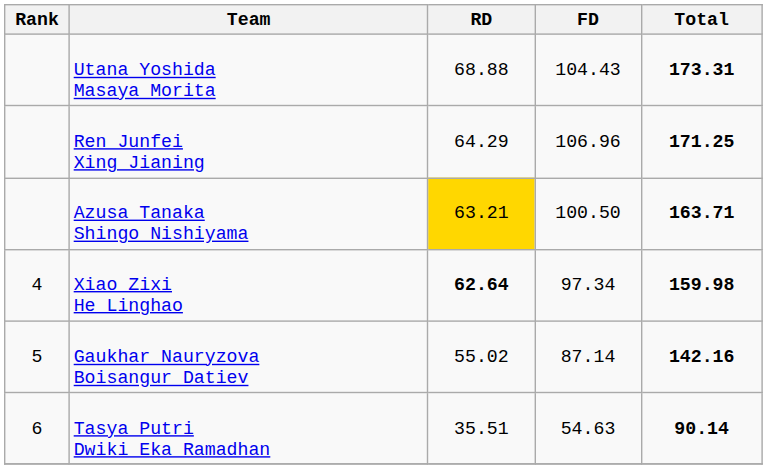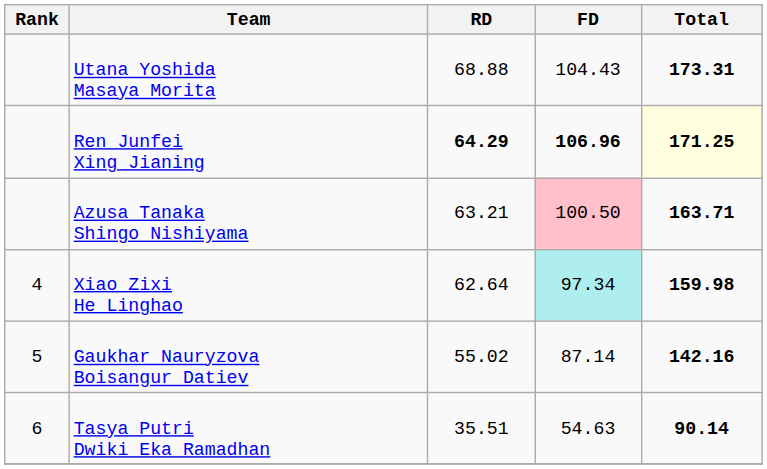 <table class=wikitable style="text-align:center">
 <tr>
 <th width=40>Rank</th>
 <th width=250>Team</th>
 <th width=70>RD</th>
 <th width=70>FD</th>
 <th width=80>Total</th>
 </tr>
 <tr>
 <td></td>
 <td align=left><br><a href='#'>Utana Yoshida</a><br><a href='#'>Masaya Morita</a></td>
 <td>68.88</td>
 <td>104.43</td>
 <td><strong>173.31</strong></td>
 </tr>
 <tr>
 <td></td>
 <td align=left><br><a href='#'>Ren Junfei</a><br><a href='#'>Xing Jianing</a></td>
-<td>64.29</td>
-<td>106.96</td>
-<td><strong>171.25</strong></td>
+<td><strong>64.29</strong></td>
+<td><strong>106.96</strong></td>
+<td style="background: lightyellow;"><strong>171.25</strong></td>
 </tr>
 <tr>
 <td></td>
 <td align=left><br><a href='#'>Azusa Tanaka</a><br><a href='#'>Shingo Nishiyama</a></td>
-<td style="background: gold;">63.21</td>
-<td>100.50</td>
+<td>63.21</td>
+<td style="background: pink;">100.50</td>
 <td><strong>163.71</strong></td>
 </tr>
 <tr>
 <td>4</td>
 <td align=left><br><a href='#'>Xiao Zixi</a><br><a href='#'>He Linghao</a></td>
-<td><strong>62.64</strong></td>
-<td>97.34</td>
+<td>62.64</td>
+<td style="background: paleturquoise;">97.34</td>
 <td><strong>159.98</strong></td>
 </tr>
 <tr>
 <td>5</td>
 <td align=left><br><a href='#'>Gaukhar Nauryzova</a><br><a href='#'>Boisangur Datiev</a></td>
 <td>55.02</td>
 <td>87.14</td>
 <td><strong>142.16</strong></td>
 </tr>
 <tr>
 <td>6</td>
 <td align=left><br><a href='#'>Tasya Putri</a><br><a href='#'>Dwiki Eka Ramadhan</a></td>
 <td>35.51</td>
 <td>54.63</td>
 <td><strong>90.14</strong></td>
 </tr>
 <tr>
 </tr>
 </table>
